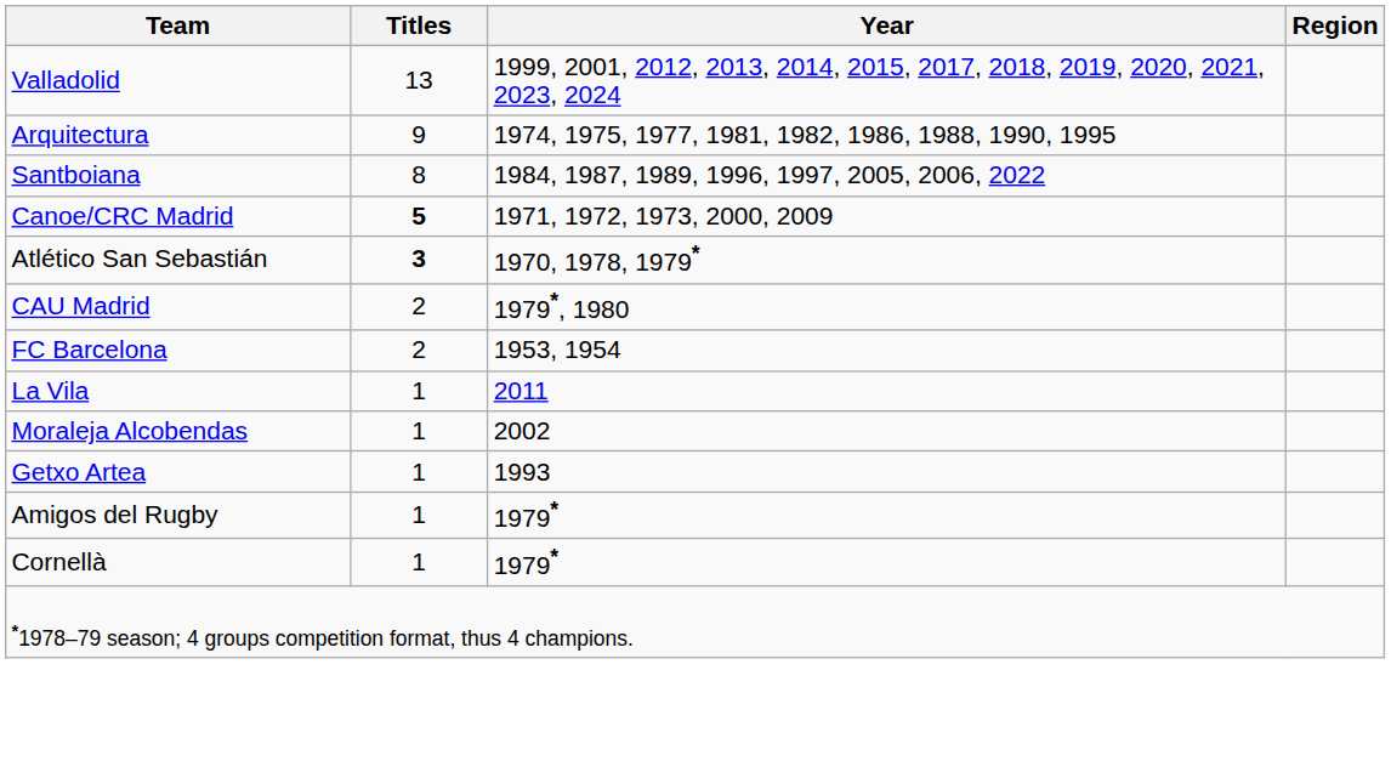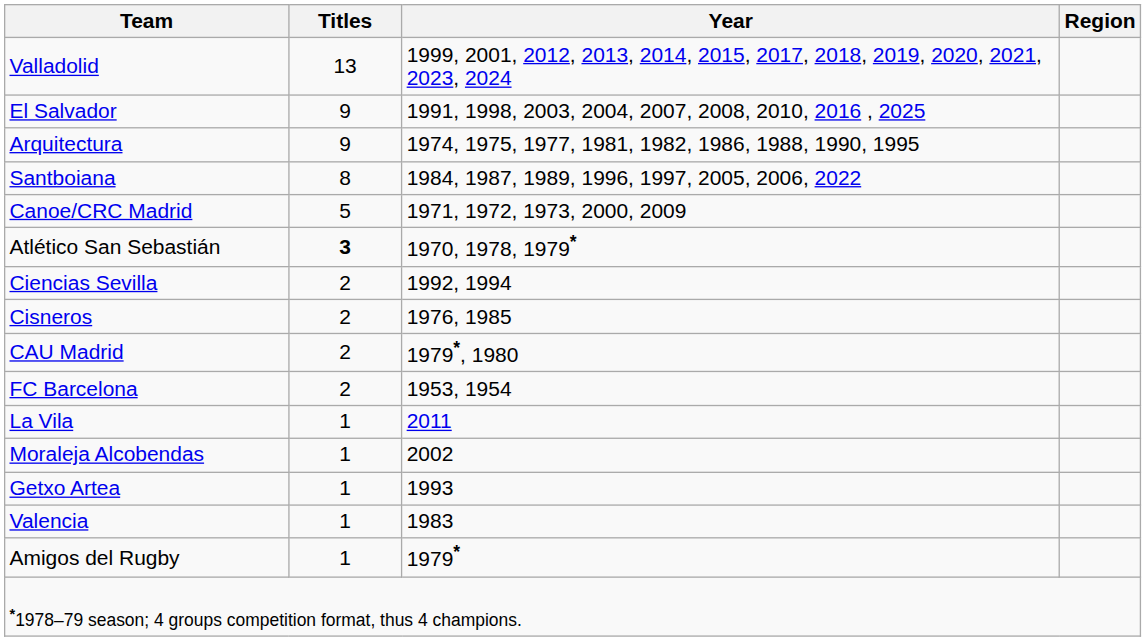 <table class="wikitable sortable">
 <tr style="background-color: #eee;">
 <th width=25%>Team</th>
 <th width=10%>Titles</th>
 <th width=58%>Year</th>
 <th width=15%>Region</th>
 </tr>
 <tr>
 <td><a href='#'>Valladolid</a></td>
 <td align=center>13</td>
 <td>1999, 2001, <a href='#'>2012</a>, <a href='#'>2013</a>, <a href='#'>2014</a>, <a href='#'>2015</a>, <a href='#'>2017</a>, <a href='#'>2018</a>, <a href='#'>2019</a>, <a href='#'>2020</a>, <a href='#'>2021</a>, <a href='#'>2023</a>, <a href='#'>2024</a></td>
+<td align=center></td>
+</tr>
+<tr>
+<td><a href='#'>El Salvador</a></td>
+<td align=center>9</td>
+<td>1991, 1998, 2003, 2004, 2007, 2008, 2010, <a href='#'>2016</a> , <a href='#'>2025</a></td>
 <td align=center></td>
 </tr>
 <tr>
 <td><a href='#'>Arquitectura</a></td>
 <td align=center>9</td>
 <td>1974, 1975, 1977, 1981, 1982, 1986, 1988, 1990, 1995</td>
 <td align=center></td>
 </tr>
 <tr>
 <td><a href='#'>Santboiana</a></td>
 <td align=center>8</td>
 <td>1984, 1987, 1989, 1996, 1997, 2005, 2006, <a href='#'>2022</a></td>
 <td align=center></td>
 </tr>
 <tr>
 <td><a href='#'>Canoe/CRC Madrid</a></td>
-<td align=center><strong>5</strong></td>
+<td align=center>5</td>
 <td>1971, 1972, 1973, 2000, 2009</td>
 <td align=center></td>
 </tr>
 <tr>
 <td>Atlético San Sebastián</td>
 <td align=center><strong>3</strong></td>
 <td>1970, 1978, 1979<sup><strong>*</strong></sup></td>
+<td align=center></td>
+</tr>
+<tr>
+<td><a href='#'>Ciencias Sevilla</a></td>
+<td align=center>2</td>
+<td>1992, 1994</td>
+<td align=center></td>
+</tr>
+<tr>
+<td><a href='#'>Cisneros</a></td>
+<td align=center>2</td>
+<td>1976, 1985</td>
 <td align=center></td>
 </tr>
 <tr>
 <td><a href='#'>CAU Madrid</a></td>
 <td align=center>2</td>
 <td>1979<sup><strong>*</strong></sup>, 1980</td>
 <td align=center></td>
 </tr>
 <tr>
 <td><a href='#'>FC Barcelona</a></td>
 <td align=center>2</td>
 <td>1953, 1954</td>
 <td align=center></td>
 </tr>
 <tr>
 <td><a href='#'>La Vila</a></td>
 <td align=center>1</td>
 <td><a href='#'>2011</a></td>
 <td align=center></td>
 </tr>
 <tr>
 <td><a href='#'>Moraleja Alcobendas</a></td>
 <td align=center>1</td>
 <td>2002</td>
 <td align=center></td>
 </tr>
 <tr>
 <td><a href='#'>Getxo Artea</a></td>
 <td align=center>1</td>
 <td>1993</td>
 <td align=center></td>
 </tr>
 <tr>
-<td>Amigos del Rugby</td>
+<td><a href='#'>Valencia</a></td>
 <td align=center>1</td>
-<td>1979<sup><strong>*</strong></sup></td>
+<td>1983</td>
 <td align=center></td>
 </tr>
 <tr>
-<td>Cornellà</td>
+<td>Amigos del Rugby</td>
 <td align=center>1</td>
 <td>1979<sup><strong>*</strong></sup></td>
 <td align=center></td>
 </tr>
 <tr>
 <td colspan="4"><br><small> <sup><strong>*</strong></sup>1978–79 season; 4 groups competition format, thus 4 champions.</small></td>
 </tr>
 </table>
